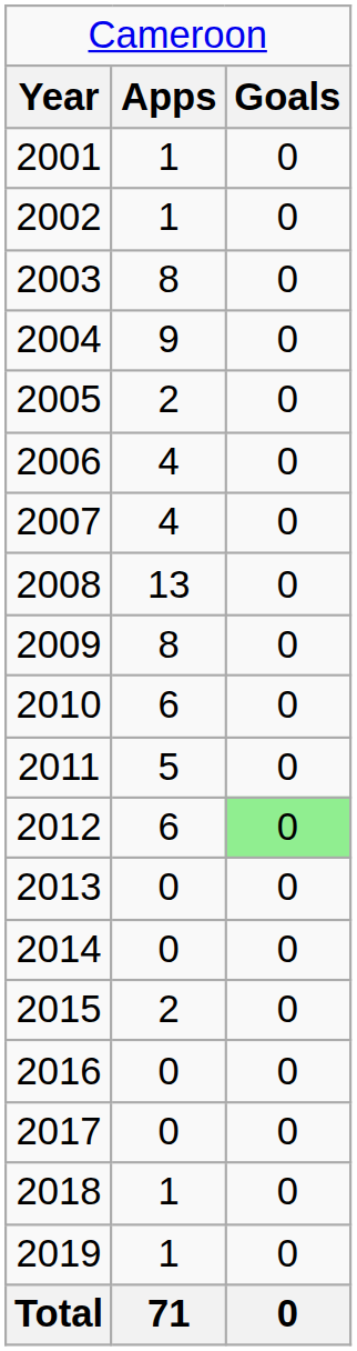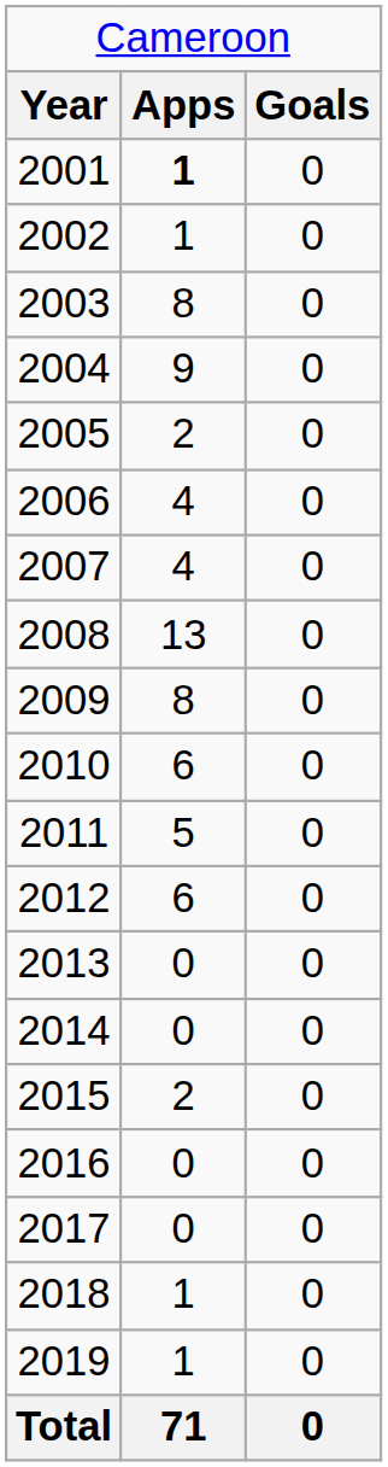 <table class="wikitable" style="text-align:center">
 <tr>
 <td colspan="8"><a href='#'>Cameroon</a></td>
 </tr>
 <tr>
 <th>Year</th>
 <th>Apps</th>
 <th>Goals</th>
 </tr>
 <tr>
 <td>2001</td>
-<td>1</td>
+<td><strong>1</strong></td>
 <td>0</td>
 </tr>
 <tr>
 <td>2002</td>
 <td>1</td>
 <td>0</td>
 </tr>
 <tr>
 <td>2003</td>
 <td>8</td>
 <td>0</td>
 </tr>
 <tr>
 <td>2004</td>
 <td>9</td>
 <td>0</td>
 </tr>
 <tr>
 <td>2005</td>
 <td>2</td>
 <td>0</td>
 </tr>
 <tr>
 <td>2006</td>
 <td>4</td>
 <td>0</td>
 </tr>
 <tr>
 <td>2007</td>
 <td>4</td>
 <td>0</td>
 </tr>
 <tr>
 <td>2008</td>
 <td>13</td>
 <td>0</td>
 </tr>
 <tr>
 <td>2009</td>
 <td>8</td>
 <td>0</td>
 </tr>
 <tr>
 <td>2010</td>
 <td>6</td>
 <td>0</td>
 </tr>
 <tr>
 <td>2011</td>
 <td>5</td>
 <td>0</td>
 </tr>
 <tr>
 <td>2012</td>
 <td>6</td>
-<td style="background: lightgreen;">0</td>
+<td>0</td>
 </tr>
 <tr>
 <td>2013</td>
 <td>0</td>
 <td>0</td>
 </tr>
 <tr>
 <td>2014</td>
 <td>0</td>
 <td>0</td>
 </tr>
 <tr>
 <td>2015</td>
 <td>2</td>
 <td>0</td>
 </tr>
 <tr>
 <td>2016</td>
 <td>0</td>
 <td>0</td>
 </tr>
 <tr>
 <td>2017</td>
 <td>0</td>
 <td>0</td>
 </tr>
 <tr>
 <td>2018</td>
 <td>1</td>
 <td>0</td>
 </tr>
 <tr>
 <td>2019</td>
 <td>1</td>
 <td>0</td>
 </tr>
 <tr>
 <th>Total</th>
 <th>71</th>
 <th>0</th>
 </tr>
 </table>
